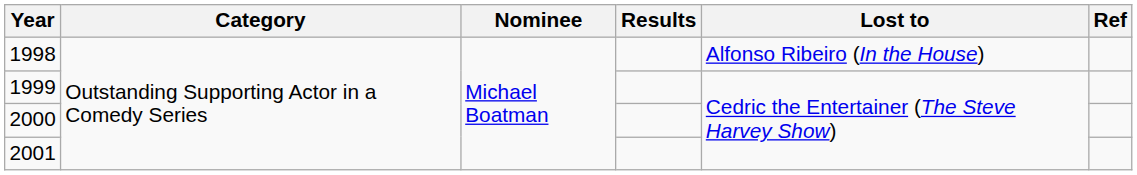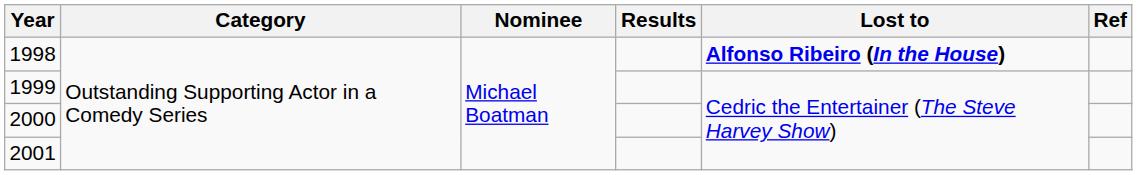 <table class="wikitable">
 <tr>
 <th>Year</th>
 <th>Category</th>
 <th>Nominee</th>
 <th>Results</th>
 <th>Lost to</th>
 <th>Ref</th>
 </tr>
 <tr>
 <td>1998</td>
 <td rowspan="4">Outstanding Supporting Actor in a Comedy Series</td>
 <td rowspan="4"><a href='#'>Michael Boatman</a></td>
 <td></td>
-<td><a href='#'>Alfonso Ribeiro</a> (<em><a href='#'>In the House</a></em>)</td>
+<td><strong><a href='#'>Alfonso Ribeiro</a> (<em><a href='#'>In the House</a></em>)</strong></td>
 <td></td>
 </tr>
 <tr>
 <td>1999</td>
 <td></td>
 <td rowspan="3"><a href='#'>Cedric the Entertainer</a> (<em><a href='#'>The Steve Harvey Show</a></em>)</td>
 <td></td>
 </tr>
 <tr>
 <td>2000</td>
 <td></td>
 <td></td>
 </tr>
 <tr>
 <td>2001</td>
 <td></td>
 <td></td>
 </tr>
 </table>
